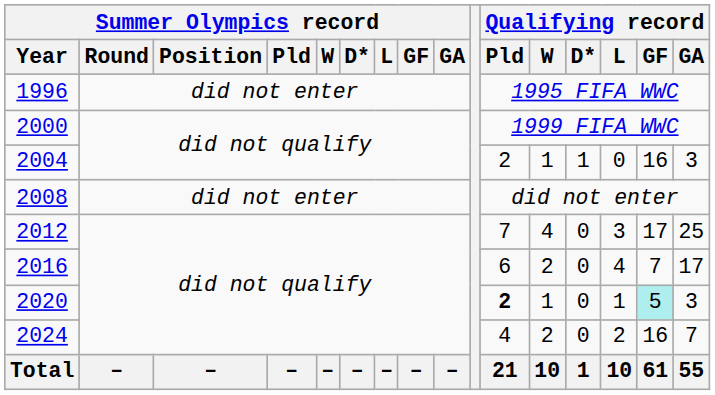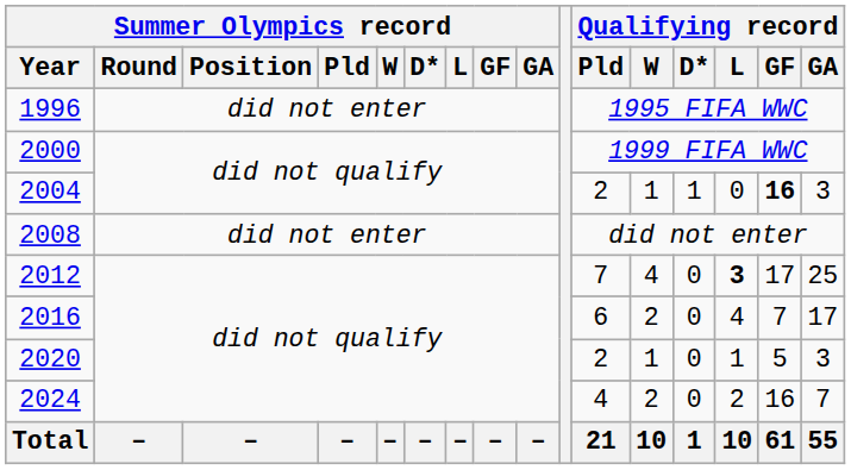 <table class="wikitable" style="text-align: center;">
 <tr>
 <th colspan=9><a href='#'>Summer Olympics</a> record</th>
 <th rowspan=12></th>
 <th colspan=6><a href='#'>Qualifying</a> record</th>
 </tr>
 <tr>
 <th>Year</th>
 <th>Round</th>
 <th>Position</th>
 <th>Pld</th>
 <th>W</th>
 <th>D*</th>
 <th>L</th>
 <th>GF</th>
 <th>GA</th>
 <th>Pld</th>
 <th>W</th>
 <th>D*</th>
 <th>L</th>
 <th>GF</th>
 <th>GA</th>
 </tr>
 <tr>
 <td> <a href='#'>1996</a></td>
 <td colspan=8><em>did not enter</em></td>
 <td colspan=6><em><a href='#'>1995 FIFA WWC</a></em></td>
 </tr>
 <tr>
 <td> <a href='#'>2000</a></td>
 <td colspan=8 rowspan=2><em>did not qualify</em></td>
 <td colspan=6><em><a href='#'>1999 FIFA WWC</a></em></td>
 </tr>
 <tr>
 <td> <a href='#'>2004</a></td>
 <td>2</td>
 <td>1</td>
 <td>1</td>
 <td>0</td>
-<td>16</td>
+<td><strong>16</strong></td>
 <td>3</td>
 </tr>
 <tr>
 <td> <a href='#'>2008</a></td>
 <td colspan=8><em>did not enter</em></td>
 <td colspan=6><em>did not enter</em></td>
 </tr>
 <tr>
 <td> <a href='#'>2012</a></td>
 <td colspan=8 rowspan=4><em>did not qualify</em></td>
 <td>7</td>
 <td>4</td>
 <td>0</td>
-<td>3</td>
+<td><strong>3</strong></td>
 <td>17</td>
 <td>25</td>
 </tr>
 <tr>
 <td> <a href='#'>2016</a></td>
 <td>6</td>
 <td>2</td>
 <td>0</td>
 <td>4</td>
 <td>7</td>
 <td>17</td>
 </tr>
 <tr>
 <td> <a href='#'>2020</a></td>
-<td><strong>2</strong></td>
+<td>2</td>
 <td>1</td>
 <td>0</td>
 <td>1</td>
-<td style="background: paleturquoise;">5</td>
+<td>5</td>
 <td>3</td>
 </tr>
 <tr>
 <td> <a href='#'>2024</a></td>
 <td>4</td>
 <td>2</td>
 <td>0</td>
 <td>2</td>
 <td>16</td>
 <td>7</td>
 </tr>
 <tr>
 <th>Total</th>
 <th>–</th>
 <th>–</th>
 <th>–</th>
 <th>–</th>
 <th>–</th>
 <th>–</th>
 <th>–</th>
 <th>–</th>
 <th>21</th>
 <th>10</th>
 <th>1</th>
 <th>10</th>
 <th>61</th>
 <th>55</th>
 </tr>
 </table>
